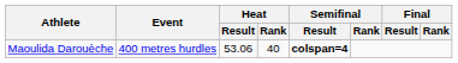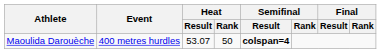 <table class="wikitable" style="font-size:90%">
 <tr>
 <th rowspan="2">Athlete</th>
 <th rowspan="2">Event</th>
 <th colspan="2">Heat</th>
 <th colspan="2">Semifinal</th>
 <th colspan="2">Final</th>
 </tr>
 <tr style="font-size:95%">
 <th>Result</th>
 <th>Rank</th>
 <th>Result</th>
 <th>Rank</th>
 <th>Result</th>
 <th>Rank</th>
 </tr>
 <tr style=text-align:center>
 <td style=text-align:left><a href='#'>Maoulida Darouèche</a></td>
 <td style=text-align:left><a href='#'>400 metres hurdles</a></td>
-<td>53.06</td>
-<td>40</td>
+<td>53.07</td>
+<td>50</td>
 <td><strong>colspan=4 </strong></td>
 </tr>
 </table>
